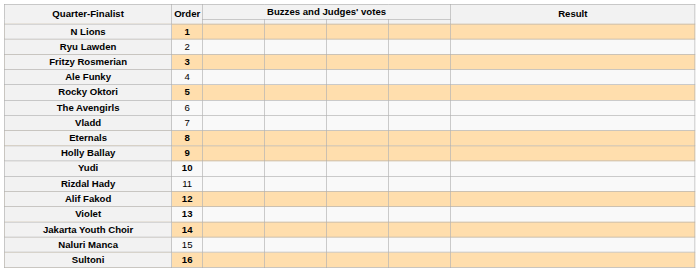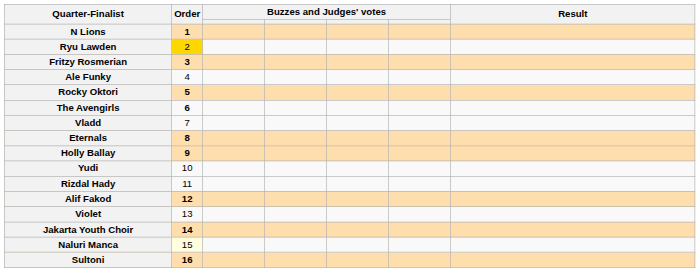 <table class="wikitable plainrowheaders sortable" style="text-align:center;">
 <tr>
 <th scope="col" rowspan="2" class="unsortable" style="width:17em;">Quarter-Finalist</th>
 <th scope="col" rowspan="2" style="width:1em;">Order</th>
 <th scope="col" colspan="4" class="unsortable" style="width:24em;">Buzzes and Judges' votes</th>
 <th scope="col" rowspan="2" style="width:25em;">Result</th>
 </tr>
 <tr>
 <th scope="col" class="unsortable" style="width:6em;"></th>
 <th scope="col" class="unsortable" style="width:6em;"></th>
 <th scope="col" class="unsortable" style="width:6em;"></th>
 <th scope="col" class="unsortable" style="width:6em;"></th>
 </tr>
 <tr style="background:NavajoWhite">
 <th scope="row"><strong>N Lions</strong></th>
 <td><strong>1</strong></td>
 <td style="text-align:center;"></td>
 <td style="text-align:center;"></td>
 <td style="text-align:center;"></td>
 <td style="text-align:center;"></td>
 <td></td>
 </tr>
 <tr>
 <th scope="row">Ryu Lawden</th>
-<td>2</td>
+<td style="background: gold;">2</td>
 <td style="text-align:center;"></td>
 <td style="text-align:center;"></td>
 <td style="text-align:center;"></td>
 <td style="text-align:center;"></td>
 <td></td>
 </tr>
 <tr style="background:NavajoWhite">
 <th scope="row"><strong>Fritzy Rosmerian</strong></th>
 <td><strong>3</strong></td>
 <td style="text-align:center;"></td>
 <td style="text-align:center;"></td>
 <td style="text-align:center;"></td>
 <td style="text-align:center;"></td>
 <td></td>
 </tr>
 <tr>
 <th scope="row">Ale Funky</th>
 <td>4</td>
 <td style="text-align:center;"></td>
 <td style="text-align:center;"></td>
 <td style="text-align:center;"></td>
 <td style="text-align:center;"></td>
 <td></td>
 </tr>
 <tr style="background:NavajoWhite">
 <th scope="row"><strong>Rocky Oktori</strong></th>
 <td><strong>5</strong></td>
 <td style="text-align:center;"></td>
 <td style="text-align:center;"></td>
 <td style="text-align:center;"></td>
 <td style="text-align:center;"></td>
 <td></td>
 </tr>
 <tr>
 <th scope="row">The Avengirls</th>
-<td>6</td>
+<td><strong>6</strong></td>
 <td style="text-align:center;"></td>
 <td style="text-align:center;"></td>
 <td style="text-align:center;"></td>
 <td style="text-align:center;"></td>
 <td></td>
 </tr>
 <tr>
 <th scope="row">Vladd</th>
 <td>7</td>
 <td style="text-align:center;"></td>
 <td style="text-align:center;"></td>
 <td style="text-align:center;"></td>
 <td style="text-align:center;"></td>
 <td></td>
 </tr>
 <tr style="background:NavajoWhite">
 <th scope="row"><strong>Eternals</strong></th>
 <td><strong>8</strong></td>
 <td style="text-align:center;"></td>
 <td style="text-align:center;"></td>
 <td style="text-align:center;"></td>
 <td style="text-align:center;"></td>
 <td></td>
 </tr>
 <tr style="background:NavajoWhite">
 <th scope="row"><strong>Holly Ballay</strong></th>
 <td><strong>9</strong></td>
 <td style="text-align:center;"></td>
 <td style="text-align:center;"></td>
 <td style="text-align:center;"></td>
 <td style="text-align:center;"></td>
 <td></td>
 </tr>
 <tr>
 <th scope="row">Yudi</th>
-<td><strong>10</strong></td>
+<td>10</td>
 <td style="text-align:center;"></td>
 <td style="text-align:center;"></td>
 <td style="text-align:center;"></td>
 <td style="text-align:center;"></td>
 <td></td>
 </tr>
 <tr>
 <th scope="row">Rizdal Hady</th>
 <td>11</td>
 <td style="text-align:center;"></td>
 <td style="text-align:center;"></td>
 <td style="text-align:center;"></td>
 <td style="text-align:center;"></td>
 <td></td>
 </tr>
 <tr style="background:NavajoWhite">
 <th scope="row"><strong>Alif Fakod</strong></th>
 <td><strong>12</strong></td>
 <td style="text-align:center;"></td>
 <td style="text-align:center;"></td>
 <td style="text-align:center;"></td>
 <td style="text-align:center;"></td>
 <td></td>
 </tr>
 <tr>
 <th scope="row">Violet</th>
-<td><strong>13</strong></td>
+<td>13</td>
 <td style="text-align:center;"></td>
 <td style="text-align:center;"></td>
 <td style="text-align:center;"></td>
 <td style="text-align:center;"></td>
 <td></td>
 </tr>
 <tr style="background:NavajoWhite">
 <th scope="row"><strong>Jakarta Youth Choir</strong></th>
 <td><strong>14</strong></td>
 <td style="text-align:center;"></td>
 <td style="text-align:center;"></td>
 <td style="text-align:center;"></td>
 <td style="text-align:center;"></td>
 <td></td>
 </tr>
 <tr>
 <th scope="row">Naluri Manca</th>
-<td>15</td>
+<td style="background: lightyellow;">15</td>
 <td style="text-align:center;"></td>
 <td style="text-align:center;"></td>
 <td style="text-align:center;"></td>
 <td style="text-align:center;"></td>
 <td></td>
 </tr>
 <tr style="background:NavajoWhite">
 <th scope="row"><strong>Sultoni</strong></th>
 <td><strong>16</strong></td>
 <td style="text-align:center;"></td>
 <td style="text-align:center;"></td>
 <td style="text-align:center;"></td>
 <td style="text-align:center;"></td>
 <td></td>
 </tr>
 </table>
